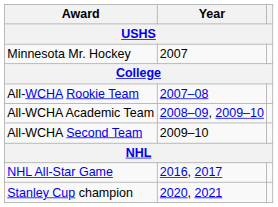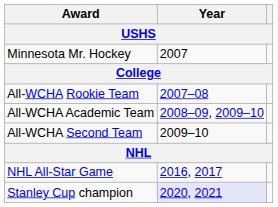 <table class="wikitable">
 <tr>
 <th>Award</th>
 <th>Year</th>
 <th></th>
 </tr>
 <tr>
 <th colspan="3"><a href='#'>USHS</a></th>
 </tr>
 <tr>
 <td>Minnesota Mr. Hockey</td>
 <td>2007</td>
 <td></td>
 </tr>
 <tr>
 <th colspan="3"><a href='#'>College</a></th>
 </tr>
 <tr>
 <td>All-<a href='#'>WCHA</a> <a href='#'>Rookie Team</a></td>
 <td><a href='#'>2007–08</a></td>
 <td></td>
 </tr>
 <tr>
 <td>All-WCHA Academic Team</td>
 <td><a href='#'>2008–09</a>, <a href='#'>2009–10</a></td>
 <td></td>
 </tr>
 <tr>
 <td>All-WCHA <a href='#'>Second Team</a></td>
 <td>2009–10</td>
 <td></td>
 </tr>
 <tr>
 <th colspan="3"><a href='#'>NHL</a></th>
 </tr>
 <tr>
 <td><a href='#'>NHL All-Star Game</a></td>
 <td><a href='#'>2016</a>, <a href='#'>2017</a></td>
 <td></td>
 </tr>
 <tr>
 <td><a href='#'>Stanley Cup</a> champion</td>
-<td><a href='#'>2020</a>, <a href='#'>2021</a></td>
+<td style="background: lavender;"><a href='#'>2020</a>, <a href='#'>2021</a></td>
 <td></td>
 </tr>
 </table>
